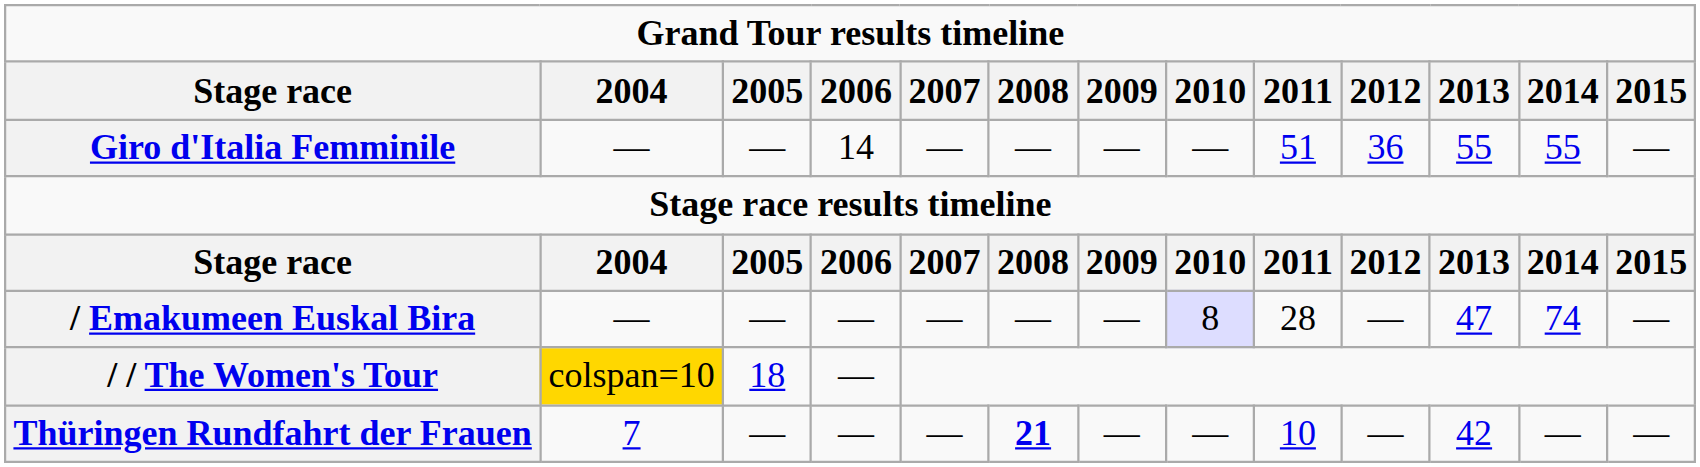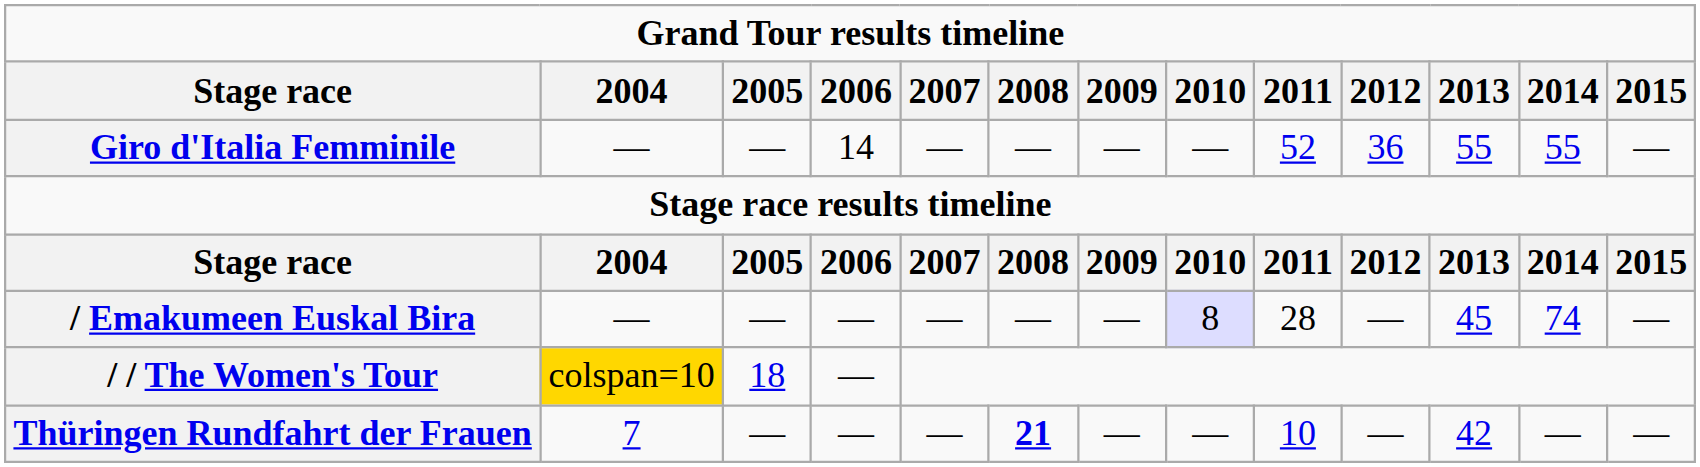 <table class="wikitable plainrowheaders">
 <tr>
 <td colspan=13 align=center><strong>Grand Tour results timeline</strong></td>
 </tr>
 <tr style="background:#EEEEEE;">
 <th scope="col">Stage race</th>
 <th scope="col">2004</th>
 <th scope="col">2005</th>
 <th scope="col">2006</th>
 <th scope="col">2007</th>
 <th scope="col">2008</th>
 <th scope="col">2009</th>
 <th scope="col">2010</th>
 <th scope="col">2011</th>
 <th scope="col">2012</th>
 <th scope="col">2013</th>
 <th scope="col">2014</th>
 <th scope="col">2015</th>
 </tr>
 <tr style="text-align:center;">
 <th scope="row"> <a href='#'>Giro d'Italia Femminile</a></th>
 <td>—</td>
 <td>—</td>
 <td>14</td>
 <td>—</td>
 <td>—</td>
 <td>—</td>
 <td>—</td>
-<td><a href='#'>51</a></td>
+<td><a href='#'>52</a></td>
 <td><a href='#'>36</a></td>
 <td><a href='#'>55</a></td>
 <td><a href='#'>55</a></td>
 <td>—</td>
 </tr>
 <tr>
 <td colspan=13 align=center><strong>Stage race results timeline</strong></td>
 </tr>
 <tr style="background:#EEEEEE;">
 <th>Stage race</th>
 <th>2004</th>
 <th>2005</th>
 <th>2006</th>
 <th>2007</th>
 <th>2008</th>
 <th>2009</th>
 <th>2010</th>
 <th>2011</th>
 <th>2012</th>
 <th>2013</th>
 <th>2014</th>
 <th>2015</th>
 </tr>
 <tr style="text-align:center;">
 <th scope="row"> /  <a href='#'>Emakumeen Euskal Bira</a></th>
 <td>—</td>
 <td>—</td>
 <td>—</td>
 <td>—</td>
 <td>—</td>
 <td>—</td>
 <td style="background:#ddf;">8</td>
 <td>28</td>
 <td>—</td>
-<td><a href='#'>47</a></td>
+<td><a href='#'>45</a></td>
 <td><a href='#'>74</a></td>
 <td>—</td>
 </tr>
 <tr style="text-align:center;">
 <th scope="row"> /  /  <a href='#'>The Women's Tour</a></th>
 <td style="background: gold;">colspan=10 </td>
 <td><a href='#'>18</a></td>
 <td>—</td>
 </tr>
 <tr style="text-align:center;">
 <th scope="row"> <a href='#'>Thüringen Rundfahrt der Frauen</a></th>
 <td><a href='#'>7</a></td>
 <td>—</td>
 <td>—</td>
 <td>—</td>
 <td><strong><a href='#'>21</a></strong></td>
 <td>—</td>
 <td>—</td>
 <td><a href='#'>10</a></td>
 <td>—</td>
 <td><a href='#'>42</a></td>
 <td>—</td>
 <td>—</td>
 </tr>
 </table>
